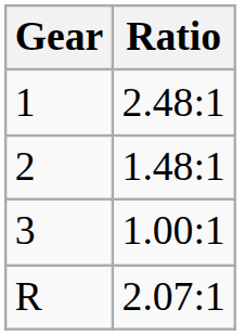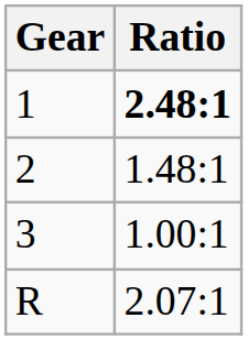 <table class=wikitable>
 <tr>
 <th>Gear</th>
 <th>Ratio</th>
 </tr>
 <tr>
 <td>1</td>
-<td>2.48:1</td>
+<td><strong>2.48:1</strong></td>
 </tr>
 <tr>
 <td>2</td>
 <td>1.48:1</td>
 </tr>
 <tr>
 <td>3</td>
 <td>1.00:1</td>
 </tr>
 <tr>
 <td>R</td>
 <td>2.07:1</td>
 </tr>
 </table>
